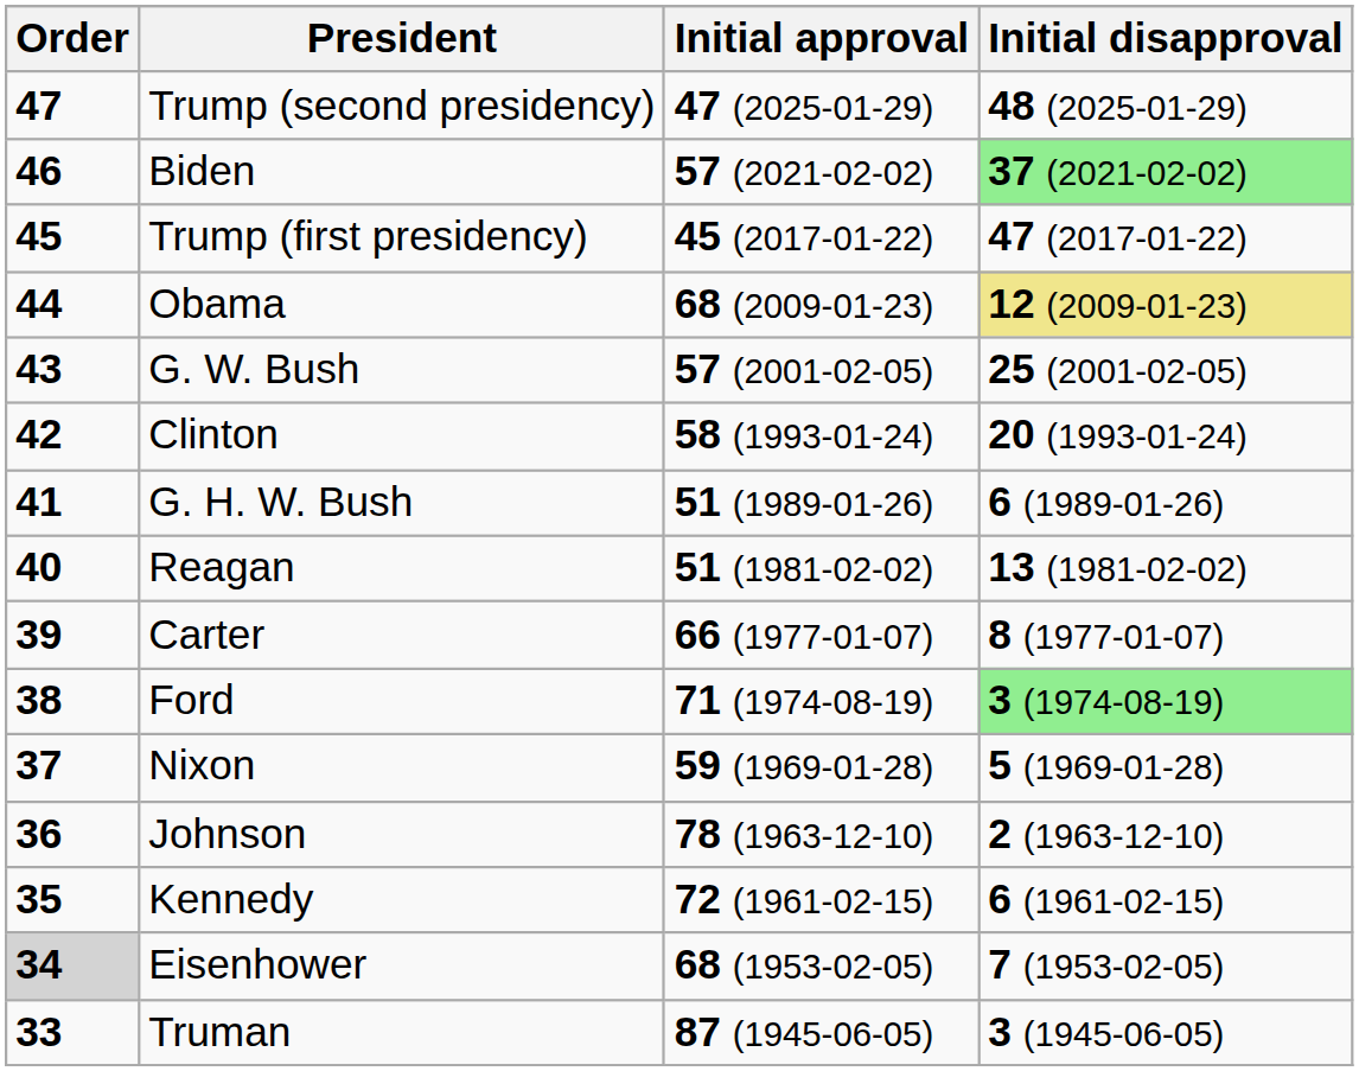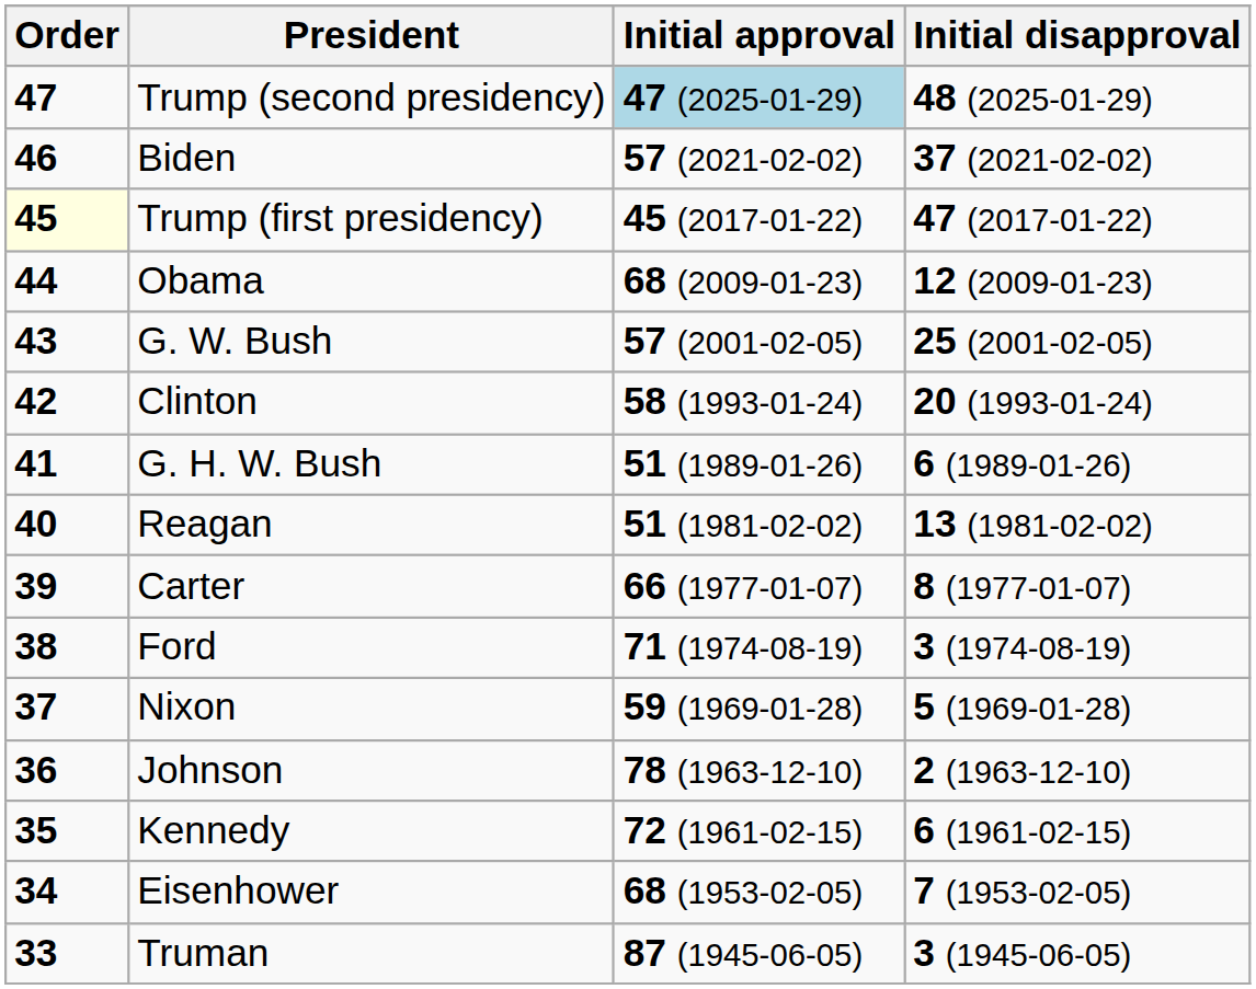 <table class="wikitable sortable">
 <tr>
 </tr>
 <tr>
 <th>Order</th>
 <th>President</th>
 <th>Initial approval</th>
 <th>Initial disapproval</th>
 </tr>
 <tr>
 <td><strong>47</strong></td>
 <td>Trump (second presidency)</td>
-<td><strong>47</strong> <small>(2025-01-29) </small></td>
+<td style="background: lightblue;"><strong>47</strong> <small>(2025-01-29) </small></td>
 <td><strong>48</strong> <small>(2025-01-29) </small></td>
 </tr>
 <tr>
 <td><strong>46</strong></td>
 <td>Biden</td>
 <td><strong>57</strong> <small>(2021-02-02)</small></td>
-<td style="background: lightgreen;"><strong>37</strong> <small>(2021-02-02)</small></td>
+<td><strong>37</strong> <small>(2021-02-02)</small></td>
 </tr>
 <tr>
-<td><strong>45</strong></td>
+<td style="background: lightyellow;"><strong>45</strong></td>
 <td>Trump (first presidency)</td>
 <td><strong>45</strong> <small>(2017-01-22)</small></td>
 <td><strong>47</strong> <small>(2017-01-22)</small></td>
 </tr>
 <tr>
 <td><strong>44</strong></td>
 <td>Obama</td>
 <td><strong>68</strong> <small>(2009-01-23)</small></td>
-<td style="background: khaki;"><strong>12</strong> <small>(2009-01-23)</small></td>
+<td><strong>12</strong> <small>(2009-01-23)</small></td>
 </tr>
 <tr>
 <td><strong>43</strong></td>
 <td>G. W. Bush</td>
 <td><strong>57</strong> <small>(2001-02-05)</small></td>
 <td><strong>25</strong> <small>(2001-02-05)</small></td>
 </tr>
 <tr>
 <td><strong>42</strong></td>
 <td>Clinton</td>
 <td><strong>58</strong> <small>(1993-01-24)</small></td>
 <td><strong>20</strong> <small>(1993-01-24)</small></td>
 </tr>
 <tr>
 <td><strong>41</strong></td>
 <td>G. H. W. Bush</td>
 <td><strong>51</strong> <small>(1989-01-26)</small></td>
 <td><strong>6</strong> <small>(1989-01-26)</small></td>
 </tr>
 <tr>
 <td><strong>40</strong></td>
 <td>Reagan</td>
 <td><strong>51</strong> <small>(1981-02-02)</small></td>
 <td><strong>13</strong> <small>(1981-02-02)</small></td>
 </tr>
 <tr>
 <td><strong>39</strong></td>
 <td>Carter</td>
 <td><strong>66</strong> <small>(1977-01-07)</small></td>
 <td><strong>8</strong> <small>(1977-01-07)</small></td>
 </tr>
 <tr>
 <td><strong>38</strong></td>
 <td>Ford</td>
 <td><strong>71</strong> <small>(1974-08-19)</small></td>
-<td style="background: lightgreen;"><strong>3</strong> <small>(1974-08-19)</small></td>
+<td><strong>3</strong> <small>(1974-08-19)</small></td>
 </tr>
 <tr>
 <td><strong>37</strong></td>
 <td>Nixon</td>
 <td><strong>59</strong> <small>(1969-01-28)</small></td>
 <td><strong>5</strong> <small>(1969-01-28)</small></td>
 </tr>
 <tr>
 <td><strong>36</strong></td>
 <td>Johnson</td>
 <td><strong>78</strong> <small>(1963-12-10)</small></td>
 <td><strong>2</strong> <small>(1963-12-10)</small></td>
 </tr>
 <tr>
 <td><strong>35</strong></td>
 <td>Kennedy</td>
 <td><strong>72</strong> <small>(1961-02-15)</small></td>
 <td><strong>6</strong> <small>(1961-02-15)</small></td>
 </tr>
 <tr>
-<td style="background: lightgrey;"><strong>34</strong></td>
+<td><strong>34</strong></td>
 <td>Eisenhower</td>
 <td><strong>68</strong> <small>(1953-02-05)</small></td>
 <td><strong>7</strong> <small>(1953-02-05)</small></td>
 </tr>
 <tr>
 <td><strong>33</strong></td>
 <td>Truman</td>
 <td><strong>87</strong> <small>(1945-06-05)</small></td>
 <td><strong>3</strong> <small>(1945-06-05)</small></td>
 </tr>
 <tr>
 </tr>
 </table>
